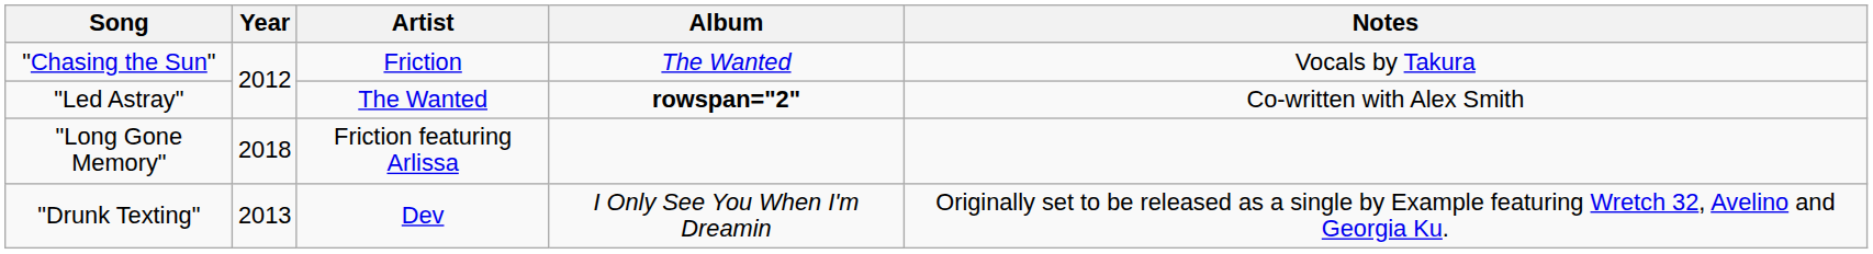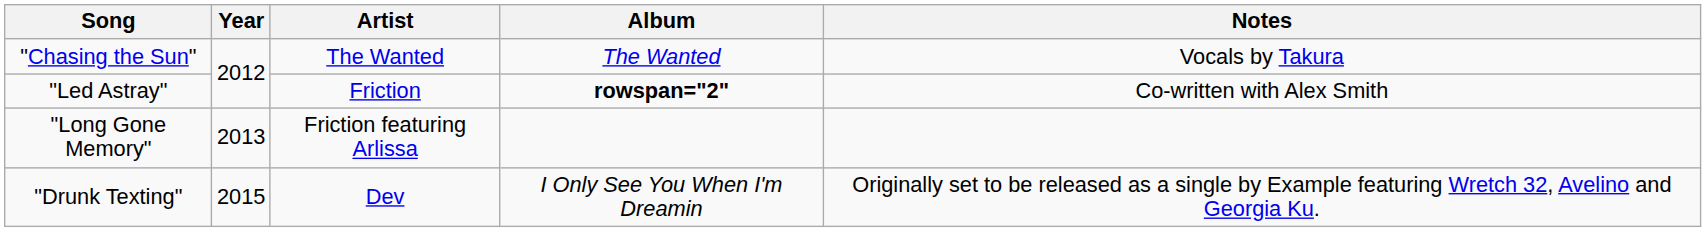 <table class="wikitable plainrowheaders" style="text-align:center;">
 <tr>
 <th scope="col">Song</th>
 <th scope="col">Year</th>
 <th scope="col">Artist</th>
 <th scope="col">Album</th>
 <th scope="col">Notes</th>
 </tr>
 <tr>
 <td>"<a href='#'>Chasing the Sun</a>"</td>
 <td rowspan="2">2012</td>
-<td><a href='#'>Friction</a></td>
+<td><a href='#'>The Wanted</a></td>
 <td><em><a href='#'>The Wanted</a></em></td>
 <td>Vocals by <a href='#'>Takura</a></td>
 </tr>
 <tr>
 <td>"Led Astray"</td>
-<td><a href='#'>The Wanted</a></td>
+<td><a href='#'>Friction</a></td>
 <td><strong>rowspan="2" </strong></td>
 <td>Co-written with Alex Smith</td>
 </tr>
 <tr>
 <td>"Long Gone Memory"</td>
-<td>2018</td>
+<td>2013</td>
 <td>Friction featuring <a href='#'>Arlissa</a></td>
 <td></td>
 </tr>
 <tr>
 <td>"Drunk Texting"</td>
-<td>2013</td>
+<td>2015</td>
 <td><a href='#'>Dev</a></td>
 <td><em>I Only See You When I'm Dreamin<strong></td>
 <td>Originally set to be released as a single by Example featuring <a href='#'>Wretch 32</a>, <a href='#'>Avelino</a> and <a href='#'>Georgia Ku</a>.</td>
 </tr>
 </table>
